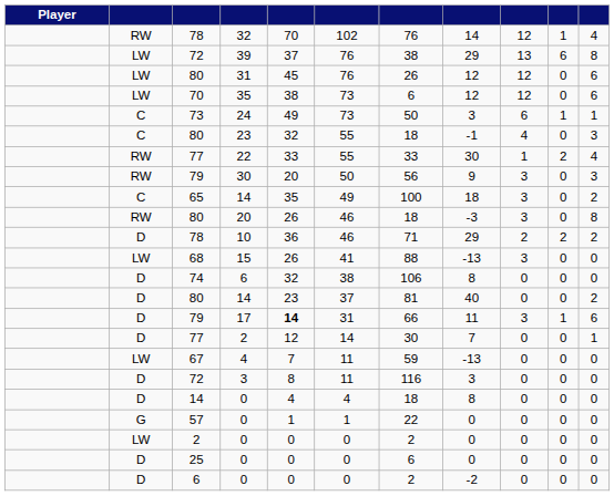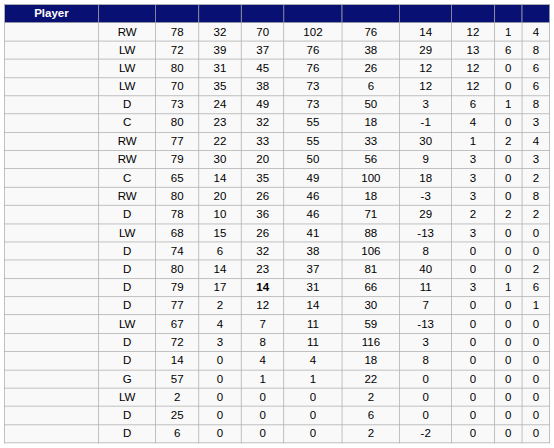 <table class="wikitable sortable" style="width:60%; text-align:center;">
 <tr align=center>
 <th style="color:white; background:#081073; ">Player</th>
 <th style="color:white; background:#081073; "></th>
 <th style="color:white; background:#081073; "></th>
 <th style="color:white;background:#081073; "></th>
 <th style="color:white;background:#081073; "></th>
 <th style="color:white;background:#081073; "></th>
 <th style="color:white;background:#081073; "></th>
 <th style="color:white; background:#081073; "></th>
 <th style="color:white;background:#081073; "></th>
 <th style="color:white;background:#081073; "></th>
 <th style="color:white;background:#081073; "></th>
 </tr>
 <tr>
 <td align="right"></td>
 <td>RW</td>
 <td>78</td>
 <td>32</td>
 <td>70</td>
 <td>102</td>
 <td>76</td>
 <td>14</td>
 <td>12</td>
 <td>1</td>
 <td>4</td>
 </tr>
 <tr align="center">
 <td align="right"></td>
 <td>LW</td>
 <td>72</td>
 <td>39</td>
 <td>37</td>
 <td>76</td>
 <td>38</td>
 <td>29</td>
 <td>13</td>
 <td>6</td>
 <td>8</td>
 </tr>
 <tr align="center">
 <td align="right"></td>
 <td>LW</td>
 <td>80</td>
 <td>31</td>
 <td>45</td>
 <td>76</td>
 <td>26</td>
 <td>12</td>
 <td>12</td>
 <td>0</td>
 <td>6</td>
 </tr>
 <tr align="center">
 <td align="right"></td>
 <td>LW</td>
 <td>70</td>
 <td>35</td>
 <td>38</td>
 <td>73</td>
 <td>6</td>
 <td>12</td>
 <td>12</td>
 <td>0</td>
 <td>6</td>
 </tr>
 <tr align="center">
 <td align="right"></td>
-<td>C</td>
+<td>D</td>
 <td>73</td>
 <td>24</td>
 <td>49</td>
 <td>73</td>
 <td>50</td>
 <td>3</td>
 <td>6</td>
 <td>1</td>
-<td>1</td>
+<td>8</td>
 </tr>
 <tr align="center">
 <td align="right"></td>
 <td>C</td>
 <td>80</td>
 <td>23</td>
 <td>32</td>
 <td>55</td>
 <td>18</td>
 <td>-1</td>
 <td>4</td>
 <td>0</td>
 <td>3</td>
 </tr>
 <tr align="center">
 <td align="right"></td>
 <td>RW</td>
 <td>77</td>
 <td>22</td>
 <td>33</td>
 <td>55</td>
 <td>33</td>
 <td>30</td>
 <td>1</td>
 <td>2</td>
 <td>4</td>
 </tr>
 <tr align="center">
 <td align="right"></td>
 <td>RW</td>
 <td>79</td>
 <td>30</td>
 <td>20</td>
 <td>50</td>
 <td>56</td>
 <td>9</td>
 <td>3</td>
 <td>0</td>
 <td>3</td>
 </tr>
 <tr align="center">
 <td align="right"></td>
 <td>C</td>
 <td>65</td>
 <td>14</td>
 <td>35</td>
 <td>49</td>
 <td>100</td>
 <td>18</td>
 <td>3</td>
 <td>0</td>
 <td>2</td>
 </tr>
 <tr align="center">
 <td align="right"></td>
 <td>RW</td>
 <td>80</td>
 <td>20</td>
 <td>26</td>
 <td>46</td>
 <td>18</td>
 <td>-3</td>
 <td>3</td>
 <td>0</td>
 <td>8</td>
 </tr>
 <tr align="center">
 <td align="right"></td>
 <td>D</td>
 <td>78</td>
 <td>10</td>
 <td>36</td>
 <td>46</td>
 <td>71</td>
 <td>29</td>
 <td>2</td>
 <td>2</td>
 <td>2</td>
 </tr>
 <tr align="center">
 <td align="right"></td>
 <td>LW</td>
 <td>68</td>
 <td>15</td>
 <td>26</td>
 <td>41</td>
 <td>88</td>
 <td>-13</td>
 <td>3</td>
 <td>0</td>
 <td>0</td>
 </tr>
 <tr align="center">
 <td align="right"></td>
 <td>D</td>
 <td>74</td>
 <td>6</td>
 <td>32</td>
 <td>38</td>
 <td>106</td>
 <td>8</td>
 <td>0</td>
 <td>0</td>
 <td>0</td>
 </tr>
 <tr align="center">
 <td align="right"></td>
 <td>D</td>
 <td>80</td>
 <td>14</td>
 <td>23</td>
 <td>37</td>
 <td>81</td>
 <td>40</td>
 <td>0</td>
 <td>0</td>
 <td>2</td>
 </tr>
 <tr align="center">
 <td align="right"></td>
 <td>D</td>
 <td>79</td>
 <td>17</td>
 <td><strong>14</strong></td>
 <td>31</td>
 <td>66</td>
 <td>11</td>
 <td>3</td>
 <td>1</td>
 <td>6</td>
 </tr>
 <tr align="center">
 <td align="right"></td>
 <td>D</td>
 <td>77</td>
 <td>2</td>
 <td>12</td>
 <td>14</td>
 <td>30</td>
 <td>7</td>
 <td>0</td>
 <td>0</td>
 <td>1</td>
 </tr>
 <tr align="center">
 <td align="right"></td>
 <td>LW</td>
 <td>67</td>
 <td>4</td>
 <td>7</td>
 <td>11</td>
 <td>59</td>
 <td>-13</td>
 <td>0</td>
 <td>0</td>
 <td>0</td>
 </tr>
 <tr align="center">
 <td align="right"></td>
 <td>D</td>
 <td>72</td>
 <td>3</td>
 <td>8</td>
 <td>11</td>
 <td>116</td>
 <td>3</td>
 <td>0</td>
 <td>0</td>
 <td>0</td>
 </tr>
 <tr align="center">
 <td align="right"></td>
 <td>D</td>
 <td>14</td>
 <td>0</td>
 <td>4</td>
 <td>4</td>
 <td>18</td>
 <td>8</td>
 <td>0</td>
 <td>0</td>
 <td>0</td>
 </tr>
 <tr align="center">
 <td align="right"></td>
 <td>G</td>
 <td>57</td>
 <td>0</td>
 <td>1</td>
 <td>1</td>
 <td>22</td>
 <td>0</td>
 <td>0</td>
 <td>0</td>
 <td>0</td>
 </tr>
 <tr align="center">
 <td align="right"></td>
 <td>LW</td>
 <td>2</td>
 <td>0</td>
 <td>0</td>
 <td>0</td>
 <td>2</td>
 <td>0</td>
 <td>0</td>
 <td>0</td>
 <td>0</td>
 </tr>
 <tr align="center">
 <td align="right"></td>
 <td>D</td>
 <td>25</td>
 <td>0</td>
 <td>0</td>
 <td>0</td>
 <td>6</td>
 <td>0</td>
 <td>0</td>
 <td>0</td>
 <td>0</td>
 </tr>
 <tr align="center">
 <td align="right"></td>
 <td>D</td>
 <td>6</td>
 <td>0</td>
 <td>0</td>
 <td>0</td>
 <td>2</td>
 <td>-2</td>
 <td>0</td>
 <td>0</td>
 <td>0</td>
 </tr>
 </table>
